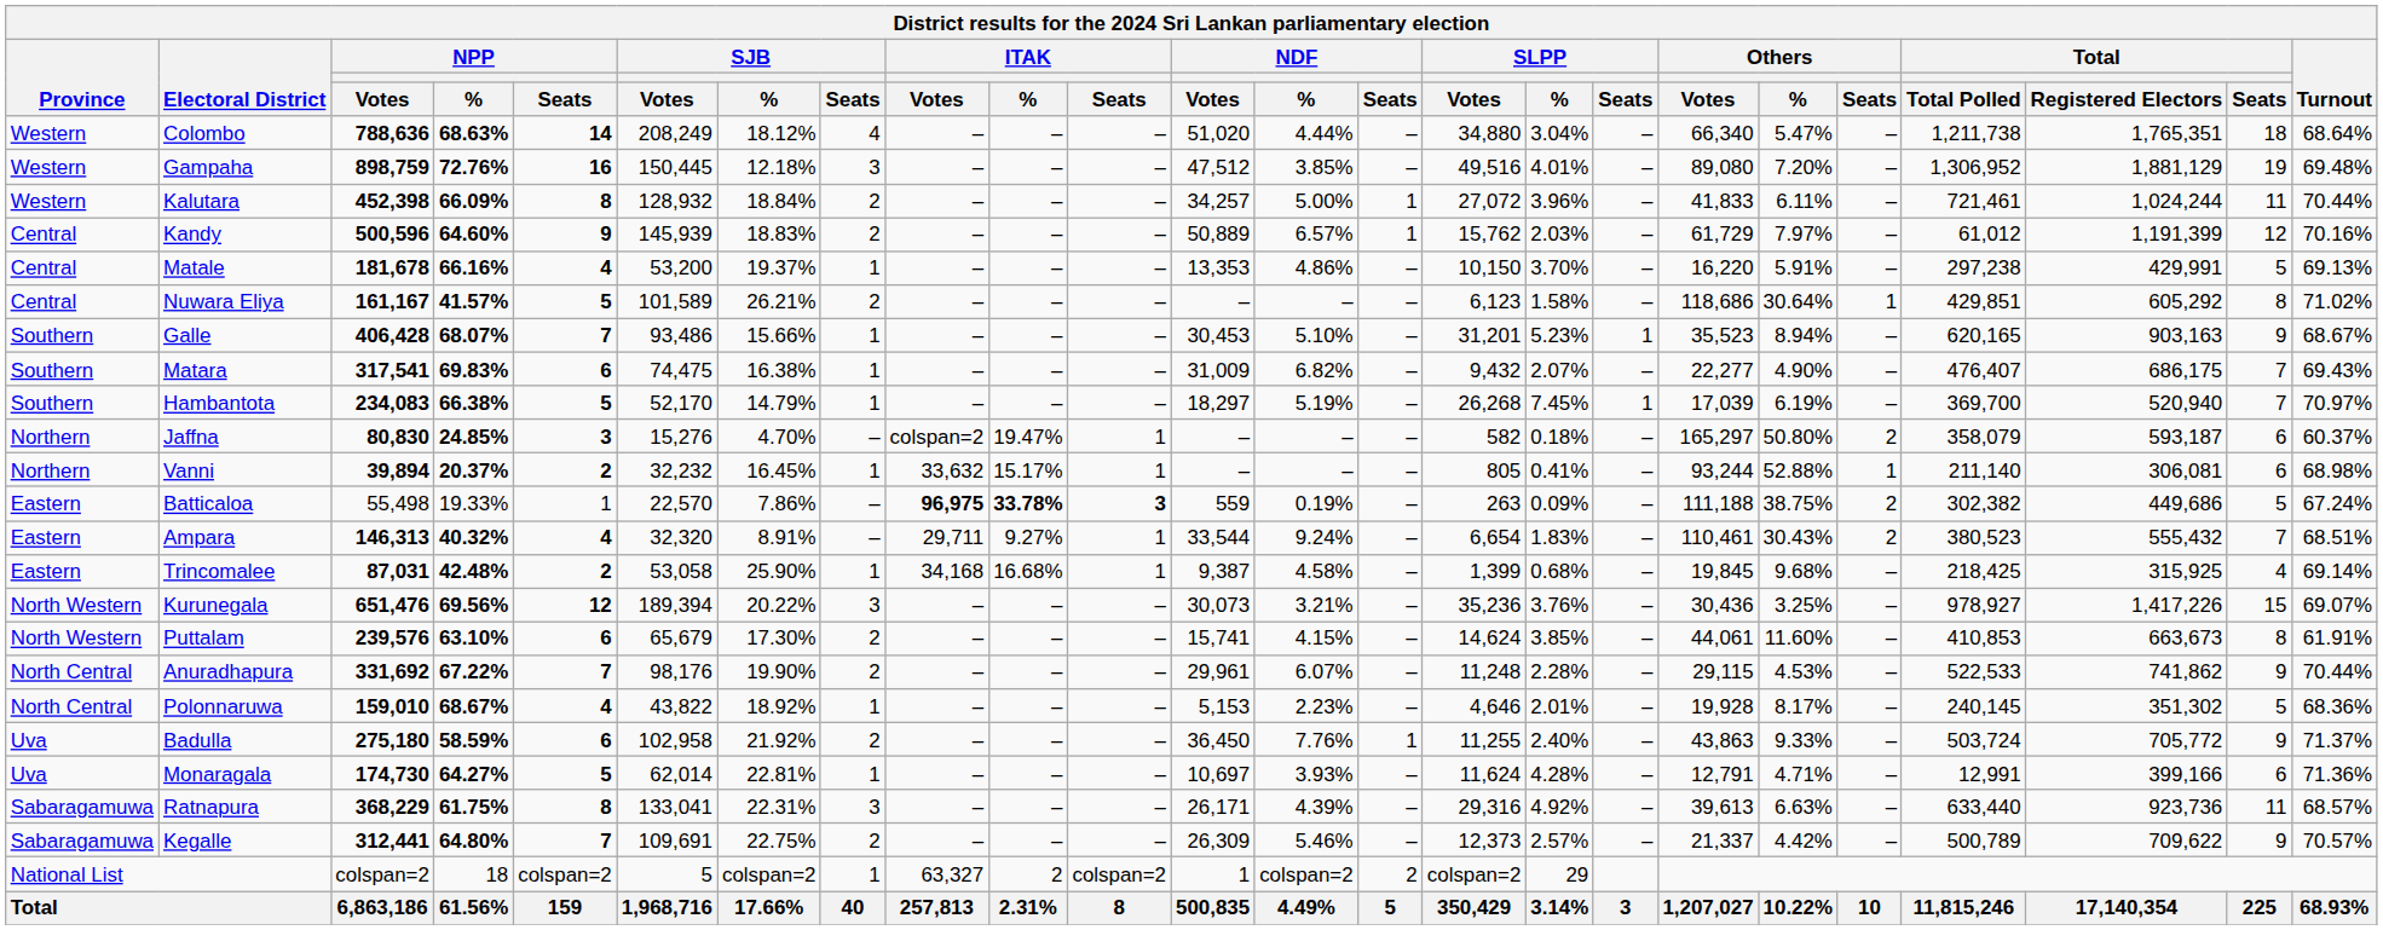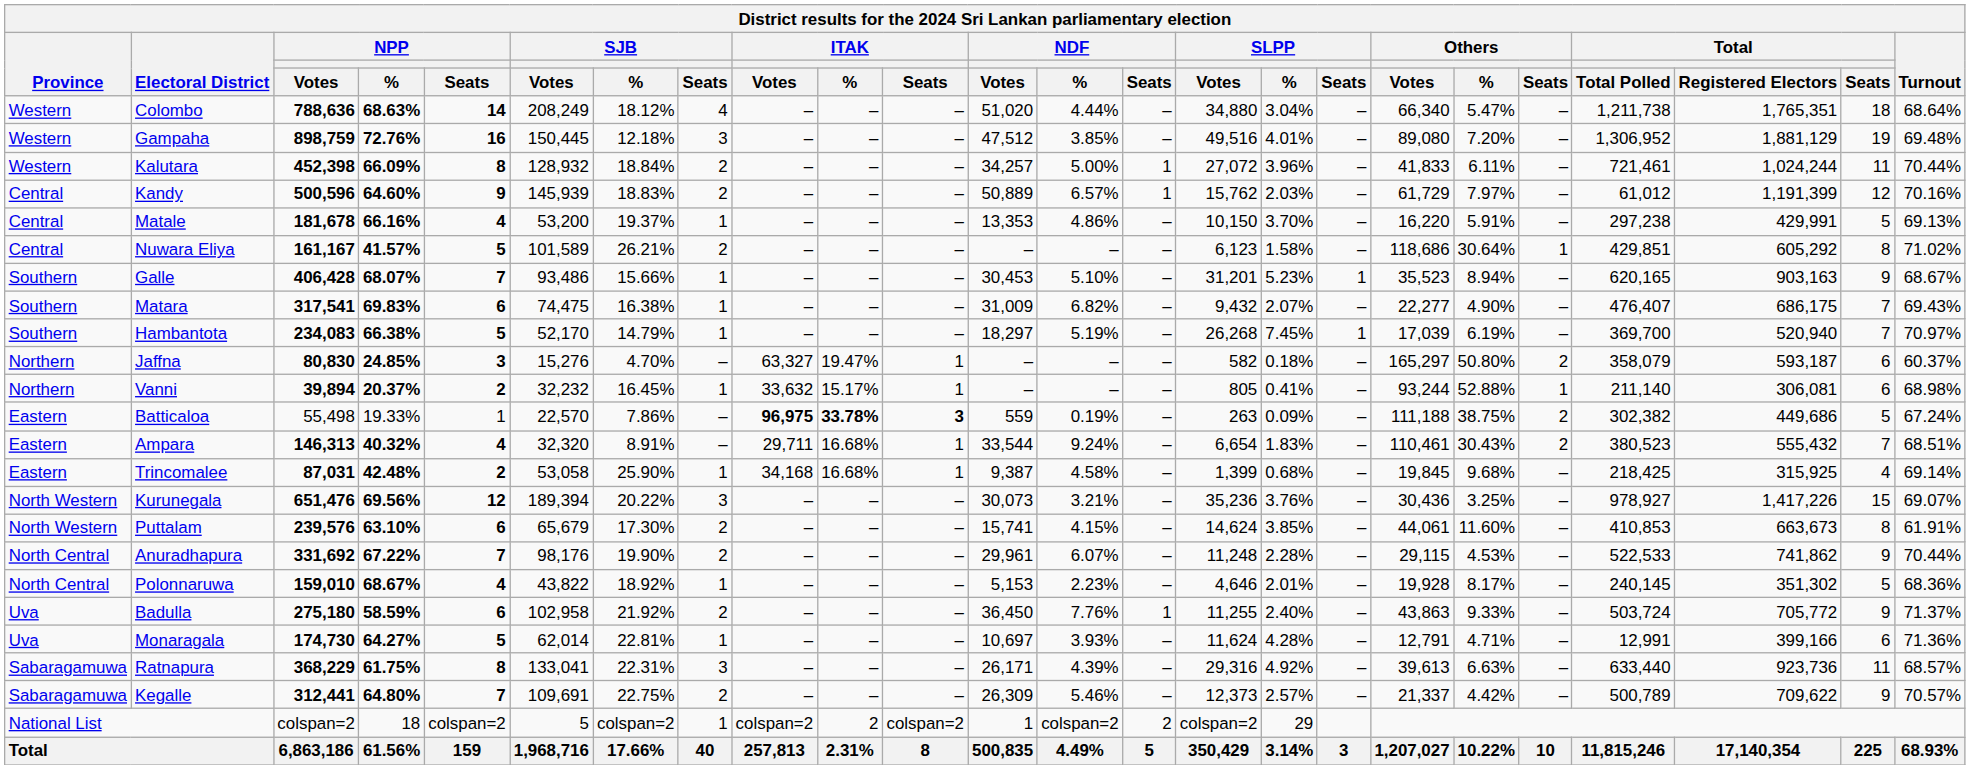 <table class="wikitable sortable sticky-header-multi mw-collapsible" style="font-size:80%; text-align:right">
 <tr>
 <th colspan=24 style="text-align:center"><strong>District results for the 2024 Sri Lankan parliamentary election</strong></th>
 </tr>
 <tr>
 <th style="vertical-align:bottom;" rowspan=3><a href='#'>Province</a></th>
 <th style="vertical-align:bottom;" rowspan=3><a href='#'>Electoral District</a></th>
 <th colspan=3><a href='#'>NPP</a></th>
 <th colspan=3><a href='#'>SJB</a></th>
 <th colspan=3><a href='#'>ITAK</a></th>
 <th colspan=3><a href='#'>NDF</a></th>
 <th colspan=3><a href='#'>SLPP</a></th>
 <th colspan=3>Others</th>
 <th colspan=3>Total</th>
 <th style="vertical-align:bottom;" rowspan=3>Turnout</th>
 </tr>
 <tr>
 <th colspan=3 style="background:"></th>
 <th colspan=3 style="background:"></th>
 <th colspan=3 style="background:"></th>
 <th colspan=3 style="background:"></th>
 <th colspan=3 style="background:"></th>
 <th colspan=3 style="background:"></th>
 <th colspan=3></th>
 </tr>
 <tr>
 <th>Votes</th>
 <th>%</th>
 <th>Seats</th>
 <th>Votes</th>
 <th>%</th>
 <th>Seats</th>
 <th>Votes</th>
 <th>%</th>
 <th>Seats</th>
 <th>Votes</th>
 <th>%</th>
 <th>Seats</th>
 <th>Votes</th>
 <th>%</th>
 <th>Seats</th>
 <th>Votes</th>
 <th>%</th>
 <th>Seats</th>
 <th>Total Polled</th>
 <th>Registered Electors</th>
 <th>Seats</th>
 </tr>
 <tr>
 <td align=left><a href='#'>Western</a></td>
 <td align=left><a href='#'>Colombo</a></td>
 <td><strong>788,636</strong></td>
 <td><strong>68.63%</strong></td>
 <td><strong>14</strong></td>
 <td>208,249</td>
 <td>18.12%</td>
 <td>4</td>
 <td>–</td>
 <td>–</td>
 <td>–</td>
 <td>51,020</td>
 <td>4.44%</td>
 <td>–</td>
 <td>34,880</td>
 <td>3.04%</td>
 <td>–</td>
 <td>66,340</td>
 <td>5.47%</td>
 <td>–</td>
 <td>1,211,738</td>
 <td>1,765,351</td>
 <td>18</td>
 <td>68.64%</td>
 </tr>
 <tr>
 <td align=left><a href='#'>Western</a></td>
 <td align=left><a href='#'>Gampaha</a></td>
 <td><strong>898,759</strong></td>
 <td><strong>72.76%</strong></td>
 <td><strong>16</strong></td>
 <td>150,445</td>
 <td>12.18%</td>
 <td>3</td>
 <td>–</td>
 <td>–</td>
 <td>–</td>
 <td>47,512</td>
 <td>3.85%</td>
 <td>–</td>
 <td>49,516</td>
 <td>4.01%</td>
 <td>–</td>
 <td>89,080</td>
 <td>7.20%</td>
 <td>–</td>
 <td>1,306,952</td>
 <td>1,881,129</td>
 <td>19</td>
 <td>69.48%</td>
 </tr>
 <tr>
 <td align=left><a href='#'>Western</a></td>
 <td align=left><a href='#'>Kalutara</a></td>
 <td><strong>452,398</strong></td>
 <td><strong>66.09%</strong></td>
 <td><strong>8</strong></td>
 <td>128,932</td>
 <td>18.84%</td>
 <td>2</td>
 <td>–</td>
 <td>–</td>
 <td>–</td>
 <td>34,257</td>
 <td>5.00%</td>
 <td>1</td>
 <td>27,072</td>
 <td>3.96%</td>
 <td>–</td>
 <td>41,833</td>
 <td>6.11%</td>
 <td>–</td>
 <td>721,461</td>
 <td>1,024,244</td>
 <td>11</td>
 <td>70.44%</td>
 </tr>
 <tr>
 <td align=left><a href='#'>Central</a></td>
 <td align=left><a href='#'>Kandy</a></td>
 <td><strong>500,596</strong></td>
 <td><strong>64.60%</strong></td>
 <td><strong>9</strong></td>
 <td>145,939</td>
 <td>18.83%</td>
 <td>2</td>
 <td>–</td>
 <td>–</td>
 <td>–</td>
 <td>50,889</td>
 <td>6.57%</td>
 <td>1</td>
 <td>15,762</td>
 <td>2.03%</td>
 <td>–</td>
 <td>61,729</td>
 <td>7.97%</td>
 <td>–</td>
 <td>61,012</td>
 <td>1,191,399</td>
 <td>12</td>
 <td>70.16%</td>
 </tr>
 <tr>
 <td align=left><a href='#'>Central</a></td>
 <td align=left><a href='#'>Matale</a></td>
 <td><strong>181,678</strong></td>
 <td><strong>66.16%</strong></td>
 <td><strong>4</strong></td>
 <td>53,200</td>
 <td>19.37%</td>
 <td>1</td>
 <td>–</td>
 <td>–</td>
 <td>–</td>
 <td>13,353</td>
 <td>4.86%</td>
 <td>–</td>
 <td>10,150</td>
 <td>3.70%</td>
 <td>–</td>
 <td>16,220</td>
 <td>5.91%</td>
 <td>–</td>
 <td>297,238</td>
 <td>429,991</td>
 <td>5</td>
 <td>69.13%</td>
 </tr>
 <tr>
 <td align=left><a href='#'>Central</a></td>
 <td align=left><a href='#'>Nuwara Eliya</a></td>
 <td><strong>161,167</strong></td>
 <td><strong>41.57%</strong></td>
 <td><strong>5</strong></td>
 <td>101,589</td>
 <td>26.21%</td>
 <td>2</td>
 <td>–</td>
 <td>–</td>
 <td>–</td>
 <td>–</td>
 <td>–</td>
 <td>–</td>
 <td>6,123</td>
 <td>1.58%</td>
 <td>–</td>
 <td>118,686</td>
 <td>30.64%</td>
 <td>1</td>
 <td>429,851</td>
 <td>605,292</td>
 <td>8</td>
 <td>71.02%</td>
 </tr>
 <tr>
 <td align=left><a href='#'>Southern</a></td>
 <td align=left><a href='#'>Galle</a></td>
 <td><strong>406,428</strong></td>
 <td><strong>68.07%</strong></td>
 <td><strong>7</strong></td>
 <td>93,486</td>
 <td>15.66%</td>
 <td>1</td>
 <td>–</td>
 <td>–</td>
 <td>–</td>
 <td>30,453</td>
 <td>5.10%</td>
 <td>–</td>
 <td>31,201</td>
 <td>5.23%</td>
 <td>1</td>
 <td>35,523</td>
 <td>8.94%</td>
 <td>–</td>
 <td>620,165</td>
 <td>903,163</td>
 <td>9</td>
 <td>68.67%</td>
 </tr>
 <tr>
 <td align=left><a href='#'>Southern</a></td>
 <td align=left><a href='#'>Matara</a></td>
 <td><strong>317,541</strong></td>
 <td><strong>69.83%</strong></td>
 <td><strong>6</strong></td>
 <td>74,475</td>
 <td>16.38%</td>
 <td>1</td>
 <td>–</td>
 <td>–</td>
 <td>–</td>
 <td>31,009</td>
 <td>6.82%</td>
 <td>–</td>
 <td>9,432</td>
 <td>2.07%</td>
 <td>–</td>
 <td>22,277</td>
 <td>4.90%</td>
 <td>–</td>
 <td>476,407</td>
 <td>686,175</td>
 <td>7</td>
 <td>69.43%</td>
 </tr>
 <tr>
 <td align=left><a href='#'>Southern</a></td>
 <td align=left><a href='#'>Hambantota</a></td>
 <td><strong>234,083</strong></td>
 <td><strong>66.38%</strong></td>
 <td><strong>5</strong></td>
 <td>52,170</td>
 <td>14.79%</td>
 <td>1</td>
 <td>–</td>
 <td>–</td>
 <td>–</td>
 <td>18,297</td>
 <td>5.19%</td>
 <td>–</td>
 <td>26,268</td>
 <td>7.45%</td>
 <td>1</td>
 <td>17,039</td>
 <td>6.19%</td>
 <td>–</td>
 <td>369,700</td>
 <td>520,940</td>
 <td>7</td>
 <td>70.97%</td>
 </tr>
 <tr>
 <td align=left><a href='#'>Northern</a></td>
 <td align=left><a href='#'>Jaffna</a></td>
 <td><strong>80,830</strong></td>
 <td><strong>24.85%</strong></td>
 <td><strong>3</strong></td>
 <td>15,276</td>
 <td>4.70%</td>
 <td>–</td>
-<td>colspan=2 </td>
+<td>63,327</td>
 <td>19.47%</td>
 <td>1</td>
 <td>–</td>
 <td>–</td>
 <td>–</td>
 <td>582</td>
 <td>0.18%</td>
 <td>–</td>
 <td>165,297</td>
 <td>50.80%</td>
 <td>2</td>
 <td>358,079</td>
 <td>593,187</td>
 <td>6</td>
 <td>60.37%</td>
 </tr>
 <tr>
 <td align=left><a href='#'>Northern</a></td>
 <td align=left><a href='#'>Vanni</a></td>
 <td><strong>39,894</strong></td>
 <td><strong>20.37%</strong></td>
 <td><strong>2</strong></td>
 <td>32,232</td>
 <td>16.45%</td>
 <td>1</td>
 <td>33,632</td>
 <td>15.17%</td>
 <td>1</td>
 <td>–</td>
 <td>–</td>
 <td>–</td>
 <td>805</td>
 <td>0.41%</td>
 <td>–</td>
 <td>93,244</td>
 <td>52.88%</td>
 <td>1</td>
 <td>211,140</td>
 <td>306,081</td>
 <td>6</td>
 <td>68.98%</td>
 </tr>
 <tr>
 <td align=left><a href='#'>Eastern</a></td>
 <td align=left><a href='#'>Batticaloa</a></td>
 <td>55,498</td>
 <td>19.33%</td>
 <td>1</td>
 <td>22,570</td>
 <td>7.86%</td>
 <td>–</td>
 <td><strong>96,975</strong></td>
 <td><strong>33.78%</strong></td>
 <td><strong>3</strong></td>
 <td>559</td>
 <td>0.19%</td>
 <td>–</td>
 <td>263</td>
 <td>0.09%</td>
 <td>–</td>
 <td>111,188</td>
 <td>38.75%</td>
 <td>2</td>
 <td>302,382</td>
 <td>449,686</td>
 <td>5</td>
 <td>67.24%</td>
 </tr>
 <tr>
 <td align=left><a href='#'>Eastern</a></td>
 <td align=left><a href='#'>Ampara</a></td>
 <td><strong>146,313</strong></td>
 <td><strong>40.32%</strong></td>
 <td><strong>4</strong></td>
 <td>32,320</td>
 <td>8.91%</td>
 <td>–</td>
 <td>29,711</td>
-<td>9.27%</td>
+<td>16.68%</td>
 <td>1</td>
 <td>33,544</td>
 <td>9.24%</td>
 <td>–</td>
 <td>6,654</td>
 <td>1.83%</td>
 <td>–</td>
 <td>110,461</td>
 <td>30.43%</td>
 <td>2</td>
 <td>380,523</td>
 <td>555,432</td>
 <td>7</td>
 <td>68.51%</td>
 </tr>
 <tr>
 <td align=left><a href='#'>Eastern</a></td>
 <td align=left><a href='#'>Trincomalee</a></td>
 <td><strong>87,031</strong></td>
 <td><strong>42.48%</strong></td>
 <td><strong>2</strong></td>
 <td>53,058</td>
 <td>25.90%</td>
 <td>1</td>
 <td>34,168</td>
 <td>16.68%</td>
 <td>1</td>
 <td>9,387</td>
 <td>4.58%</td>
 <td>–</td>
 <td>1,399</td>
 <td>0.68%</td>
 <td>–</td>
 <td>19,845</td>
 <td>9.68%</td>
 <td>–</td>
 <td>218,425</td>
 <td>315,925</td>
 <td>4</td>
 <td>69.14%</td>
 </tr>
 <tr>
 <td align=left><a href='#'>North Western</a></td>
 <td align=left><a href='#'>Kurunegala</a></td>
 <td><strong>651,476</strong></td>
 <td><strong>69.56%</strong></td>
 <td><strong>12</strong></td>
 <td>189,394</td>
 <td>20.22%</td>
 <td>3</td>
 <td>–</td>
 <td>–</td>
 <td>–</td>
 <td>30,073</td>
 <td>3.21%</td>
 <td>–</td>
 <td>35,236</td>
 <td>3.76%</td>
 <td>–</td>
 <td>30,436</td>
 <td>3.25%</td>
 <td>–</td>
 <td>978,927</td>
 <td>1,417,226</td>
 <td>15</td>
 <td>69.07%</td>
 </tr>
 <tr>
 <td align=left><a href='#'>North Western</a></td>
 <td align=left><a href='#'>Puttalam</a></td>
 <td><strong>239,576</strong></td>
 <td><strong>63.10%</strong></td>
 <td><strong>6</strong></td>
 <td>65,679</td>
 <td>17.30%</td>
 <td>2</td>
 <td>–</td>
 <td>–</td>
 <td>–</td>
 <td>15,741</td>
 <td>4.15%</td>
 <td>–</td>
 <td>14,624</td>
 <td>3.85%</td>
 <td>–</td>
 <td>44,061</td>
 <td>11.60%</td>
 <td>–</td>
 <td>410,853</td>
 <td>663,673</td>
 <td>8</td>
 <td>61.91%</td>
 </tr>
 <tr>
 <td align=left><a href='#'>North Central</a></td>
 <td align=left><a href='#'>Anuradhapura</a></td>
 <td><strong>331,692</strong></td>
 <td><strong>67.22%</strong></td>
 <td><strong>7</strong></td>
 <td>98,176</td>
 <td>19.90%</td>
 <td>2</td>
 <td>–</td>
 <td>–</td>
 <td>–</td>
 <td>29,961</td>
 <td>6.07%</td>
 <td>–</td>
 <td>11,248</td>
 <td>2.28%</td>
 <td>–</td>
 <td>29,115</td>
 <td>4.53%</td>
 <td>–</td>
 <td>522,533</td>
 <td>741,862</td>
 <td>9</td>
 <td>70.44%</td>
 </tr>
 <tr>
 <td align=left><a href='#'>North Central</a></td>
 <td align=left><a href='#'>Polonnaruwa</a></td>
 <td><strong>159,010</strong></td>
 <td><strong>68.67%</strong></td>
 <td><strong>4</strong></td>
 <td>43,822</td>
 <td>18.92%</td>
 <td>1</td>
 <td>–</td>
 <td>–</td>
 <td>–</td>
 <td>5,153</td>
 <td>2.23%</td>
 <td>–</td>
 <td>4,646</td>
 <td>2.01%</td>
 <td>–</td>
 <td>19,928</td>
 <td>8.17%</td>
 <td>–</td>
 <td>240,145</td>
 <td>351,302</td>
 <td>5</td>
 <td>68.36%</td>
 </tr>
 <tr>
 <td align=left><a href='#'>Uva</a></td>
 <td align=left><a href='#'>Badulla</a></td>
 <td><strong>275,180</strong></td>
 <td><strong>58.59%</strong></td>
 <td><strong>6</strong></td>
 <td>102,958</td>
 <td>21.92%</td>
 <td>2</td>
 <td>–</td>
 <td>–</td>
 <td>–</td>
 <td>36,450</td>
 <td>7.76%</td>
 <td>1</td>
 <td>11,255</td>
 <td>2.40%</td>
 <td>–</td>
 <td>43,863</td>
 <td>9.33%</td>
 <td>–</td>
 <td>503,724</td>
 <td>705,772</td>
 <td>9</td>
 <td>71.37%</td>
 </tr>
 <tr>
 <td align=left><a href='#'>Uva</a></td>
 <td align=left><a href='#'>Monaragala</a></td>
 <td><strong>174,730</strong></td>
 <td><strong>64.27%</strong></td>
 <td><strong>5</strong></td>
 <td>62,014</td>
 <td>22.81%</td>
 <td>1</td>
 <td>–</td>
 <td>–</td>
 <td>–</td>
 <td>10,697</td>
 <td>3.93%</td>
 <td>–</td>
 <td>11,624</td>
 <td>4.28%</td>
 <td>–</td>
 <td>12,791</td>
 <td>4.71%</td>
 <td>–</td>
 <td>12,991</td>
 <td>399,166</td>
 <td>6</td>
 <td>71.36%</td>
 </tr>
 <tr>
 <td align=left><a href='#'>Sabaragamuwa</a></td>
 <td align=left><a href='#'>Ratnapura</a></td>
 <td><strong>368,229</strong></td>
 <td><strong>61.75%</strong></td>
 <td><strong>8</strong></td>
 <td>133,041</td>
 <td>22.31%</td>
 <td>3</td>
 <td>–</td>
 <td>–</td>
 <td>–</td>
 <td>26,171</td>
 <td>4.39%</td>
 <td>–</td>
 <td>29,316</td>
 <td>4.92%</td>
 <td>–</td>
 <td>39,613</td>
 <td>6.63%</td>
 <td>–</td>
 <td>633,440</td>
 <td>923,736</td>
 <td>11</td>
 <td>68.57%</td>
 </tr>
 <tr>
 <td align=left><a href='#'>Sabaragamuwa</a></td>
 <td align=left><a href='#'>Kegalle</a></td>
 <td><strong>312,441</strong></td>
 <td><strong>64.80%</strong></td>
 <td><strong>7</strong></td>
 <td>109,691</td>
 <td>22.75%</td>
 <td>2</td>
 <td>–</td>
 <td>–</td>
 <td>–</td>
 <td>26,309</td>
 <td>5.46%</td>
 <td>–</td>
 <td>12,373</td>
 <td>2.57%</td>
 <td>–</td>
 <td>21,337</td>
 <td>4.42%</td>
 <td>–</td>
 <td>500,789</td>
 <td>709,622</td>
 <td>9</td>
 <td>70.57%</td>
 </tr>
 <tr>
 <td colspan=2 style="text-align:left;"><a href='#'>National List</a></td>
 <td>colspan=2 </td>
 <td>18</td>
 <td>colspan=2 </td>
 <td>5</td>
 <td>colspan=2 </td>
 <td>1</td>
-<td>63,327</td>
+<td>colspan=2 </td>
 <td>2</td>
 <td>colspan=2 </td>
 <td>1</td>
 <td>colspan=2 </td>
 <td>2</td>
 <td>colspan=2 </td>
 <td>29</td>
 <td></td>
 </tr>
 <tr class="sortbottom">
 <th colspan=2 style="text-align:left;">Total</th>
 <th><strong>6,863,186</strong></th>
 <th><strong>61.56%</strong></th>
 <th><strong>159</strong></th>
 <th>1,968,716</th>
 <th>17.66%</th>
 <th>40</th>
 <th>257,813</th>
 <th>2.31%</th>
 <th>8</th>
 <th>500,835</th>
 <th>4.49%</th>
 <th>5</th>
 <th>350,429</th>
 <th>3.14%</th>
 <th>3</th>
 <th>1,207,027</th>
 <th>10.22%</th>
 <th>10</th>
 <th>11,815,246</th>
 <th>17,140,354</th>
 <th>225</th>
 <th>68.93%</th>
 </tr>
 </table>
